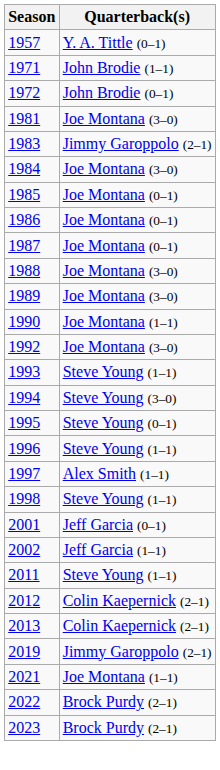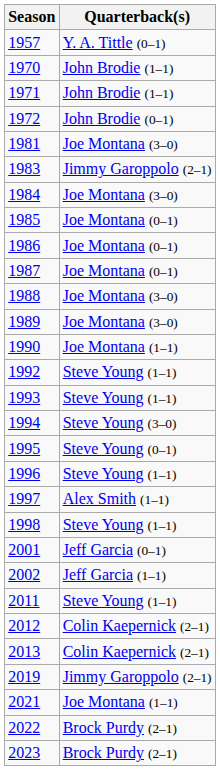 <table class="wikitable">
 <tr>
 <th>Season</th>
 <th>Quarterback(s)</th>
 </tr>
 <tr>
 <td><a href='#'>1957</a></td>
 <td><a href='#'>Y. A. Tittle</a> <small>(0–1)</small></td>
+</tr>
+<tr>
+<td><a href='#'>1970</a></td>
+<td><a href='#'>John Brodie</a> <small>(1–1)</small></td>
 </tr>
 <tr>
 <td><a href='#'>1971</a></td>
 <td><a href='#'>John Brodie</a> <small>(1–1)</small></td>
 </tr>
 <tr>
 <td><a href='#'>1972</a></td>
 <td><a href='#'>John Brodie</a> <small>(0–1)</small></td>
 </tr>
 <tr>
 <td><a href='#'>1981</a></td>
 <td><a href='#'>Joe Montana</a> <small>(3–0)</small></td>
 </tr>
 <tr>
 <td><a href='#'>1983</a></td>
 <td><a href='#'>Jimmy Garoppolo</a> <small>(2–1)</small></td>
 </tr>
 <tr>
 <td><a href='#'>1984</a></td>
 <td><a href='#'>Joe Montana</a> <small>(3–0)</small></td>
 </tr>
 <tr>
 <td><a href='#'>1985</a></td>
 <td><a href='#'>Joe Montana</a> <small>(0–1)</small></td>
 </tr>
 <tr>
 <td><a href='#'>1986</a></td>
 <td><a href='#'>Joe Montana</a> <small>(0–1)</small></td>
 </tr>
 <tr>
 <td><a href='#'>1987</a></td>
 <td><a href='#'>Joe Montana</a> <small>(0–1)</small></td>
 </tr>
 <tr>
 <td><a href='#'>1988</a></td>
 <td><a href='#'>Joe Montana</a> <small>(3–0)</small></td>
 </tr>
 <tr>
 <td><a href='#'>1989</a></td>
 <td><a href='#'>Joe Montana</a> <small>(3–0)</small></td>
 </tr>
 <tr>
 <td><a href='#'>1990</a></td>
 <td><a href='#'>Joe Montana</a> <small>(1–1)</small></td>
 </tr>
 <tr>
 <td><a href='#'>1992</a></td>
-<td><a href='#'>Joe Montana</a> <small>(3–0)</small></td>
+<td><a href='#'>Steve Young</a> <small>(1–1)</small></td>
 </tr>
 <tr>
 <td><a href='#'>1993</a></td>
 <td><a href='#'>Steve Young</a> <small>(1–1)</small></td>
 </tr>
 <tr>
 <td><a href='#'>1994</a></td>
 <td><a href='#'>Steve Young</a> <small>(3–0)</small></td>
 </tr>
 <tr>
 <td><a href='#'>1995</a></td>
 <td><a href='#'>Steve Young</a> <small>(0–1)</small></td>
 </tr>
 <tr>
 <td><a href='#'>1996</a></td>
 <td><a href='#'>Steve Young</a> <small>(1–1)</small></td>
 </tr>
 <tr>
 <td><a href='#'>1997</a></td>
 <td><a href='#'>Alex Smith</a> <small>(1–1)</small></td>
 </tr>
 <tr>
 <td><a href='#'>1998</a></td>
 <td><a href='#'>Steve Young</a> <small>(1–1)</small></td>
 </tr>
 <tr>
 <td><a href='#'>2001</a></td>
 <td><a href='#'>Jeff Garcia</a> <small>(0–1)</small></td>
 </tr>
 <tr>
 <td><a href='#'>2002</a></td>
 <td><a href='#'>Jeff Garcia</a> <small>(1–1)</small></td>
 </tr>
 <tr>
 <td><a href='#'>2011</a></td>
 <td><a href='#'>Steve Young</a> <small>(1–1)</small></td>
 </tr>
 <tr>
 <td><a href='#'>2012</a></td>
 <td><a href='#'>Colin Kaepernick</a> <small>(2–1)</small></td>
 </tr>
 <tr>
 <td><a href='#'>2013</a></td>
 <td><a href='#'>Colin Kaepernick</a> <small>(2–1)</small></td>
 </tr>
 <tr>
 <td><a href='#'>2019</a></td>
 <td><a href='#'>Jimmy Garoppolo</a> <small>(2–1)</small></td>
 </tr>
 <tr>
 <td><a href='#'>2021</a></td>
 <td><a href='#'>Joe Montana</a> <small>(1–1)</small></td>
 </tr>
 <tr>
 <td><a href='#'>2022</a></td>
 <td><a href='#'>Brock Purdy</a> <small>(2–1)</small></td>
 </tr>
 <tr>
 <td><a href='#'>2023</a></td>
 <td><a href='#'>Brock Purdy</a> <small>(2–1)</small></td>
 </tr>
 </table>
